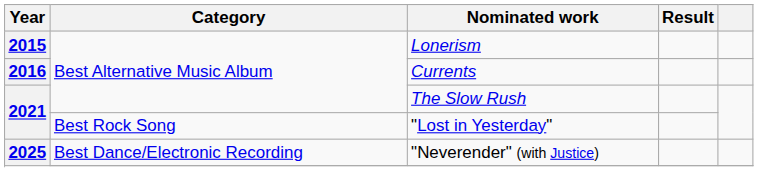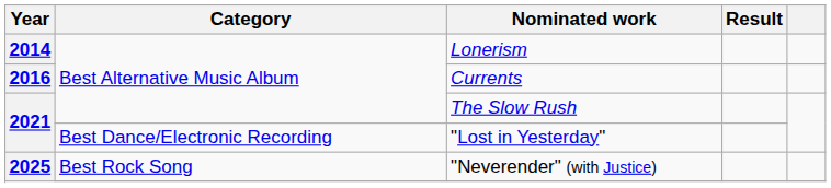 <table class="wikitable plainrowheaders" style="width:80%;">
 <tr>
 <th scope="col" style="width:4%;">Year</th>
 <th scope="col" style="width:50%;">Category</th>
 <th scope="col" style="width:35%;">Nominated work</th>
 <th scope="col" style="width:6%;">Result</th>
 <th scope="col" style="width:6%;"></th>
 </tr>
 <tr>
-<th scope="row"><a href='#'>2015</a></th>
+<th scope="row"><a href='#'>2014</a></th>
 <td rowspan="3"><a href='#'>Best Alternative Music Album</a></td>
 <td><em><a href='#'>Lonerism</a></em></td>
 <td></td>
 <td align="center"></td>
 </tr>
 <tr>
 <th scope="row"><a href='#'>2016</a></th>
 <td><em><a href='#'>Currents</a></em></td>
 <td></td>
 <td align="center"></td>
 </tr>
 <tr>
 <th rowspan="2" scope="row"><a href='#'>2021</a></th>
 <td><em><a href='#'>The Slow Rush</a></em></td>
 <td></td>
 <td rowspan="2" align="center"></td>
 </tr>
 <tr>
-<td><a href='#'>Best Rock Song</a></td>
+<td><a href='#'>Best Dance/Electronic Recording</a></td>
 <td>"<a href='#'>Lost in Yesterday</a>"</td>
 <td></td>
 </tr>
 <tr>
 <th rowspan="2" scope="row"><a href='#'>2025</a></th>
-<td><a href='#'>Best Dance/Electronic Recording</a></td>
+<td><a href='#'>Best Rock Song</a></td>
 <td>"Neverender" <small>(with <a href='#'>Justice</a>)</small></td>
 <td></td>
 <td align="center"></td>
 </tr>
 <tr>
 </tr>
 </table>
